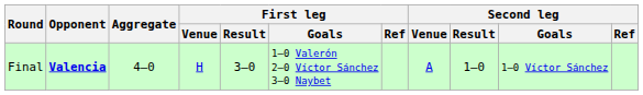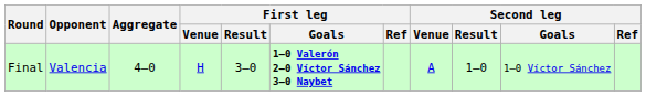 <table class="wikitable" style="font-size:100%; text-align:center">
 <tr>
 <th rowspan="2">Round</th>
 <th rowspan="2">Opponent</th>
 <th rowspan="2">Aggregate</th>
 <th colspan="4">First leg</th>
 <th colspan="4">Second leg</th>
 </tr>
 <tr>
 <th>Venue</th>
 <th>Result</th>
 <th>Goals</th>
 <th>Ref</th>
 <th>Venue</th>
 <th>Result</th>
 <th>Goals</th>
 <th>Ref</th>
 </tr>
 <tr bgcolor= CCFFCC>
 <td>Final</td>
-<td><strong><a href='#'>Valencia</a></strong></td>
+<td><a href='#'>Valencia</a></td>
 <td>4–0</td>
 <td><a href='#'>H</a></td>
 <td>3–0</td>
-<td align="left"><small>1–0  <a href='#'>Valerón</a><br>2–0  <a href='#'>Víctor Sánchez</a><br>3–0  <a href='#'>Naybet</a></small></td>
+<td align="left"><strong><small>1–0  <a href='#'>Valerón</a><br>2–0  <a href='#'>Víctor Sánchez</a><br>3–0  <a href='#'>Naybet</a></small></strong></td>
 <td></td>
 <td><a href='#'>A</a></td>
 <td>1–0</td>
 <td align="left"><small>1–0  <a href='#'>Víctor Sánchez</a></small></td>
 <td></td>
 </tr>
 </table>
